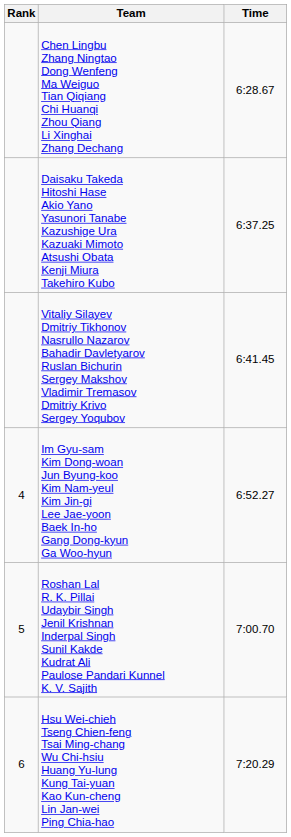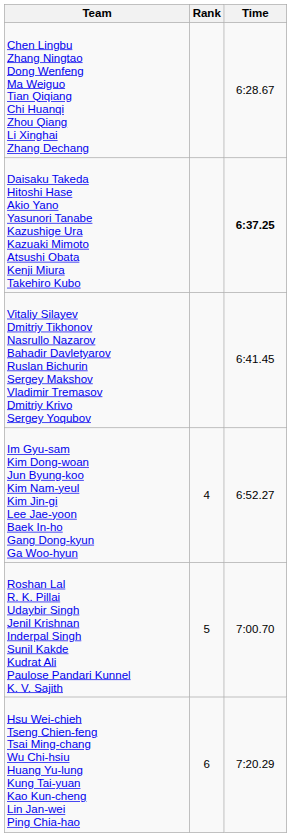 <table class=wikitable style="text-align:center">
 <tr>
+<th width=250>Team</th>
 <th width=40>Rank</th>
-<th width=250>Team</th>
 <th width=80>Time</th>
 </tr>
 <tr>
+<td align=left><br><a href='#'>Chen Lingbu</a><br><a href='#'>Zhang Ningtao</a><br><a href='#'>Dong Wenfeng</a><br><a href='#'>Ma Weiguo</a><br><a href='#'>Tian Qiqiang</a><br><a href='#'>Chi Huanqi</a><br><a href='#'>Zhou Qiang</a><br><a href='#'>Li Xinghai</a><br><a href='#'>Zhang Dechang</a></td>
 <td></td>
-<td align=left><br><a href='#'>Chen Lingbu</a><br><a href='#'>Zhang Ningtao</a><br><a href='#'>Dong Wenfeng</a><br><a href='#'>Ma Weiguo</a><br><a href='#'>Tian Qiqiang</a><br><a href='#'>Chi Huanqi</a><br><a href='#'>Zhou Qiang</a><br><a href='#'>Li Xinghai</a><br><a href='#'>Zhang Dechang</a></td>
 <td>6:28.67</td>
 </tr>
 <tr>
+<td align=left><br><a href='#'>Daisaku Takeda</a><br><a href='#'>Hitoshi Hase</a><br><a href='#'>Akio Yano</a><br><a href='#'>Yasunori Tanabe</a><br><a href='#'>Kazushige Ura</a><br><a href='#'>Kazuaki Mimoto</a><br><a href='#'>Atsushi Obata</a><br><a href='#'>Kenji Miura</a><br><a href='#'>Takehiro Kubo</a></td>
 <td></td>
-<td align=left><br><a href='#'>Daisaku Takeda</a><br><a href='#'>Hitoshi Hase</a><br><a href='#'>Akio Yano</a><br><a href='#'>Yasunori Tanabe</a><br><a href='#'>Kazushige Ura</a><br><a href='#'>Kazuaki Mimoto</a><br><a href='#'>Atsushi Obata</a><br><a href='#'>Kenji Miura</a><br><a href='#'>Takehiro Kubo</a></td>
-<td>6:37.25</td>
+<td><strong>6:37.25</strong></td>
 </tr>
 <tr>
+<td align=left><br><a href='#'>Vitaliy Silayev</a><br><a href='#'>Dmitriy Tikhonov</a><br><a href='#'>Nasrullo Nazarov</a><br><a href='#'>Bahadir Davletyarov</a><br><a href='#'>Ruslan Bichurin</a><br><a href='#'>Sergey Makshov</a><br><a href='#'>Vladimir Tremasov</a><br><a href='#'>Dmitriy Krivo</a><br><a href='#'>Sergey Yoqubov</a></td>
 <td></td>
-<td align=left><br><a href='#'>Vitaliy Silayev</a><br><a href='#'>Dmitriy Tikhonov</a><br><a href='#'>Nasrullo Nazarov</a><br><a href='#'>Bahadir Davletyarov</a><br><a href='#'>Ruslan Bichurin</a><br><a href='#'>Sergey Makshov</a><br><a href='#'>Vladimir Tremasov</a><br><a href='#'>Dmitriy Krivo</a><br><a href='#'>Sergey Yoqubov</a></td>
 <td>6:41.45</td>
 </tr>
 <tr>
+<td align=left><br><a href='#'>Im Gyu-sam</a><br><a href='#'>Kim Dong-woan</a><br><a href='#'>Jun Byung-koo</a><br><a href='#'>Kim Nam-yeul</a><br><a href='#'>Kim Jin-gi</a><br><a href='#'>Lee Jae-yoon</a><br><a href='#'>Baek In-ho</a><br><a href='#'>Gang Dong-kyun</a><br><a href='#'>Ga Woo-hyun</a></td>
 <td>4</td>
-<td align=left><br><a href='#'>Im Gyu-sam</a><br><a href='#'>Kim Dong-woan</a><br><a href='#'>Jun Byung-koo</a><br><a href='#'>Kim Nam-yeul</a><br><a href='#'>Kim Jin-gi</a><br><a href='#'>Lee Jae-yoon</a><br><a href='#'>Baek In-ho</a><br><a href='#'>Gang Dong-kyun</a><br><a href='#'>Ga Woo-hyun</a></td>
 <td>6:52.27</td>
 </tr>
 <tr>
+<td align=left><br><a href='#'>Roshan Lal</a><br><a href='#'>R. K. Pillai</a><br><a href='#'>Udaybir Singh</a><br><a href='#'>Jenil Krishnan</a><br><a href='#'>Inderpal Singh</a><br><a href='#'>Sunil Kakde</a><br><a href='#'>Kudrat Ali</a><br><a href='#'>Paulose Pandari Kunnel</a><br><a href='#'>K. V. Sajith</a></td>
 <td>5</td>
-<td align=left><br><a href='#'>Roshan Lal</a><br><a href='#'>R. K. Pillai</a><br><a href='#'>Udaybir Singh</a><br><a href='#'>Jenil Krishnan</a><br><a href='#'>Inderpal Singh</a><br><a href='#'>Sunil Kakde</a><br><a href='#'>Kudrat Ali</a><br><a href='#'>Paulose Pandari Kunnel</a><br><a href='#'>K. V. Sajith</a></td>
 <td>7:00.70</td>
 </tr>
 <tr>
+<td align=left><br><a href='#'>Hsu Wei-chieh</a><br><a href='#'>Tseng Chien-feng</a><br><a href='#'>Tsai Ming-chang</a><br><a href='#'>Wu Chi-hsiu</a><br><a href='#'>Huang Yu-lung</a><br><a href='#'>Kung Tai-yuan</a><br><a href='#'>Kao Kun-cheng</a><br><a href='#'>Lin Jan-wei</a><br><a href='#'>Ping Chia-hao</a></td>
 <td>6</td>
-<td align=left><br><a href='#'>Hsu Wei-chieh</a><br><a href='#'>Tseng Chien-feng</a><br><a href='#'>Tsai Ming-chang</a><br><a href='#'>Wu Chi-hsiu</a><br><a href='#'>Huang Yu-lung</a><br><a href='#'>Kung Tai-yuan</a><br><a href='#'>Kao Kun-cheng</a><br><a href='#'>Lin Jan-wei</a><br><a href='#'>Ping Chia-hao</a></td>
 <td>7:20.29</td>
 </tr>
 </table>
